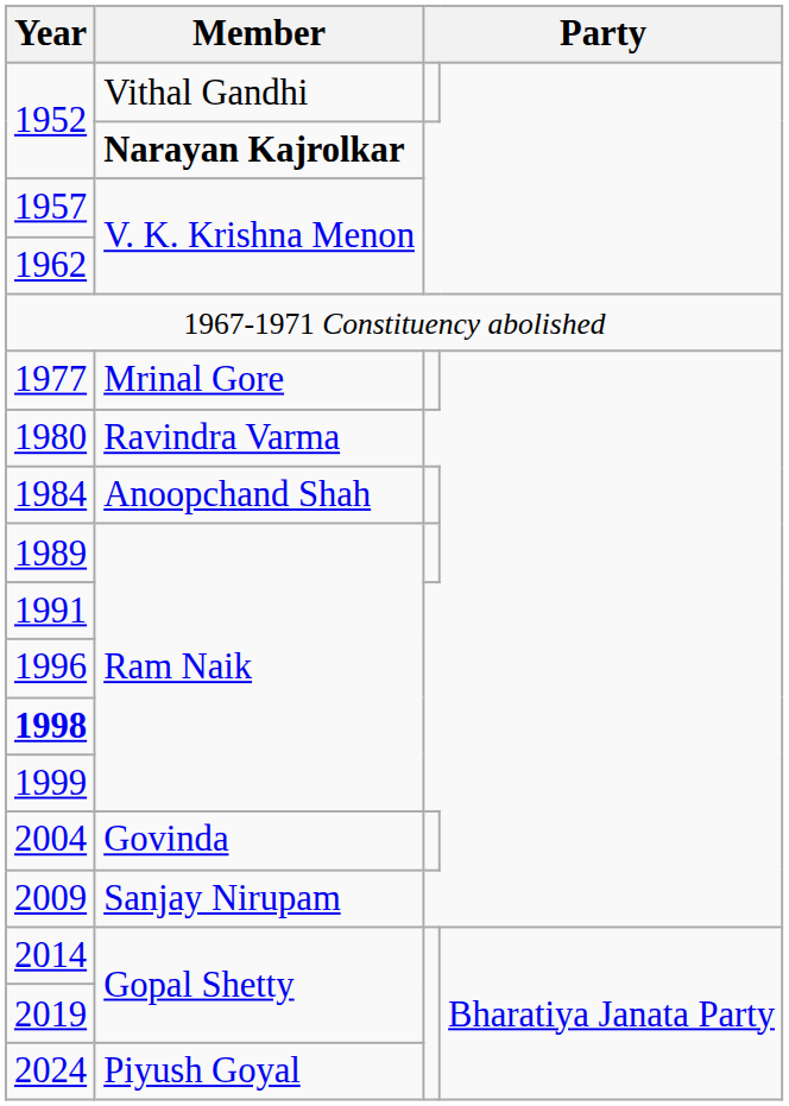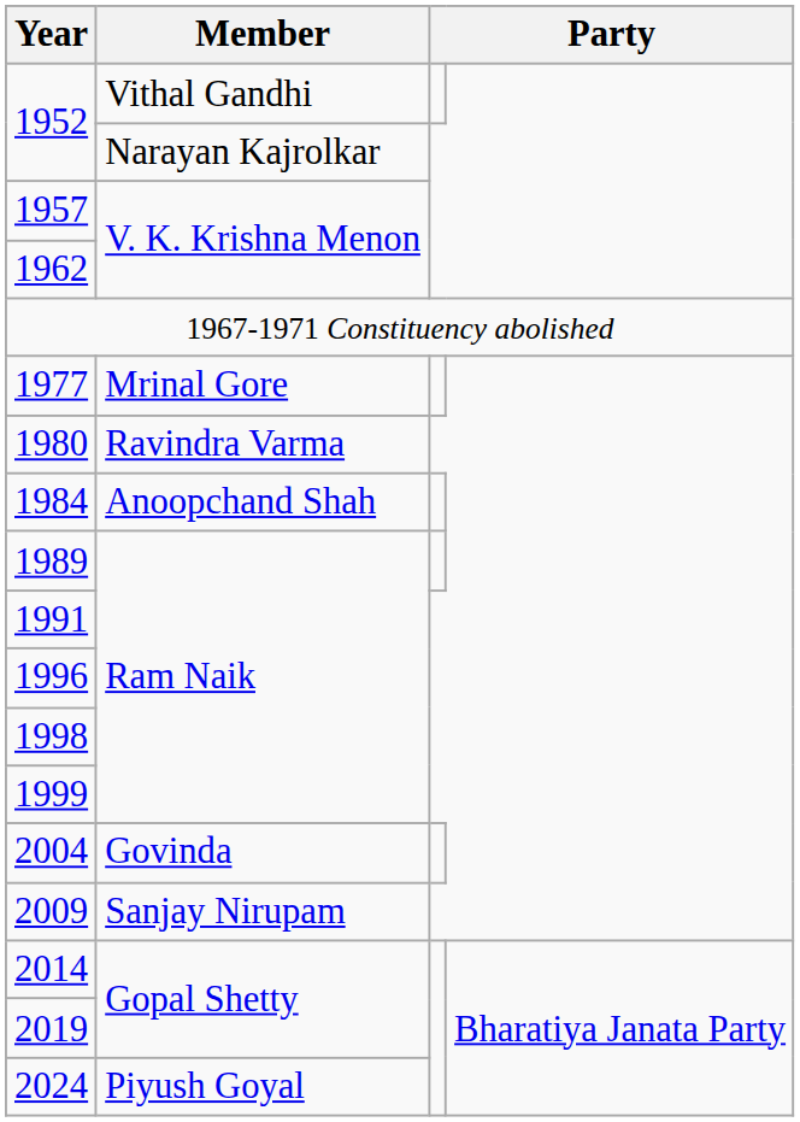 <table class="wikitable">
 <tr>
 <th>Year</th>
 <th>Member</th>
 <th colspan="2">Party</th>
 </tr>
 <tr>
 <td rowspan="2"><a href='#'>1952</a></td>
 <td>Vithal Gandhi</td>
 <td></td>
 </tr>
 <tr>
-<td><strong>Narayan Kajrolkar</strong></td>
+<td>Narayan Kajrolkar</td>
 </tr>
 <tr>
 <td><a href='#'>1957</a></td>
 <td rowspan="2"><a href='#'>V. K. Krishna Menon</a></td>
 </tr>
 <tr>
 <td><a href='#'>1962</a></td>
 </tr>
 <tr>
 <td colspan=4 align=center><small>1967-1971 <em>Constituency abolished</em></small></td>
 </tr>
 <tr>
 <td><a href='#'>1977</a></td>
 <td><a href='#'>Mrinal Gore</a></td>
 <td></td>
 </tr>
 <tr>
 <td><a href='#'>1980</a></td>
 <td><a href='#'>Ravindra Varma</a></td>
 </tr>
 <tr>
 <td><a href='#'>1984</a></td>
 <td><a href='#'>Anoopchand Shah</a></td>
 <td></td>
 </tr>
 <tr>
 <td><a href='#'>1989</a></td>
 <td rowspan="5"><a href='#'>Ram Naik</a></td>
 <td></td>
 </tr>
 <tr>
 <td><a href='#'>1991</a></td>
 </tr>
 <tr>
 <td><a href='#'>1996</a></td>
 </tr>
 <tr>
-<td><strong><a href='#'>1998</a></strong></td>
+<td><a href='#'>1998</a></td>
 </tr>
 <tr>
 <td><a href='#'>1999</a></td>
 </tr>
 <tr>
 <td><a href='#'>2004</a></td>
 <td><a href='#'>Govinda</a></td>
 <td></td>
 </tr>
 <tr>
 <td><a href='#'>2009</a></td>
 <td><a href='#'>Sanjay Nirupam</a></td>
 </tr>
 <tr>
 <td><a href='#'>2014</a></td>
 <td rowspan="2"><a href='#'>Gopal Shetty</a></td>
 <td rowspan="3" style="background-color: "></td>
 <td rowspan="3"><a href='#'>Bharatiya Janata Party</a></td>
 </tr>
 <tr>
 <td><a href='#'>2019</a></td>
 </tr>
 <tr>
 <td><a href='#'>2024</a></td>
 <td><a href='#'>Piyush Goyal</a></td>
 </tr>
 </table>
